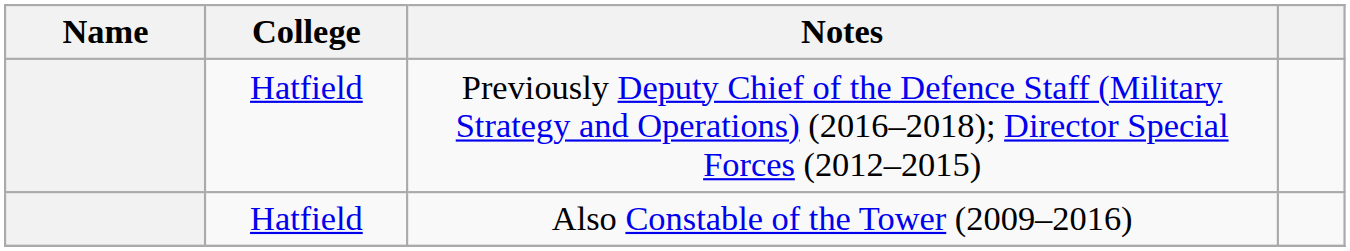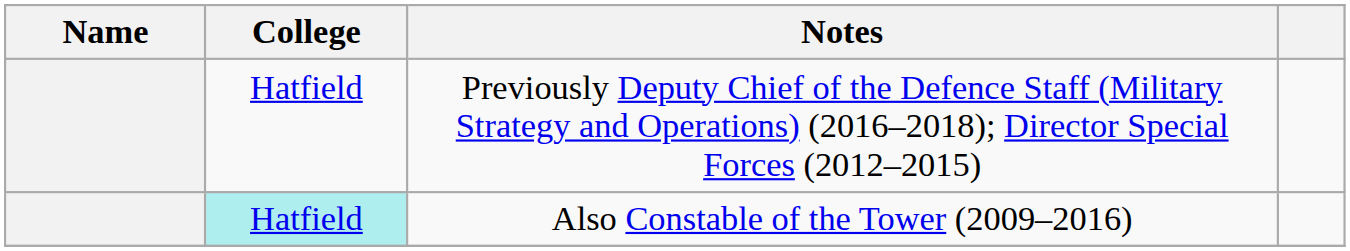 <table class="wikitable sortable" style="width:100%">
 <tr>
 <th width="15%">Name</th>
 <th width="15%">College</th>
 <th width="65%">Notes</th>
 <th width="5%"></th>
 </tr>
 <tr valign="top">
 <th scope=row></th>
 <td align="center"><a href='#'>Hatfield</a></td>
 <td align="center">Previously <a href='#'>Deputy Chief of the Defence Staff (Military Strategy and Operations)</a> (2016–2018); <a href='#'>Director Special Forces</a> (2012–2015)</td>
 <td align="center"></td>
 </tr>
 <tr valign="top">
 <th scope=row></th>
-<td align="center"><a href='#'>Hatfield</a></td>
+<td align="center" style="background: paleturquoise;"><a href='#'>Hatfield</a></td>
 <td align="center">Also <a href='#'>Constable of the Tower</a> (2009–2016)</td>
 <td align="center"></td>
 </tr>
 <tr valign="top">
 </tr>
 </table>
